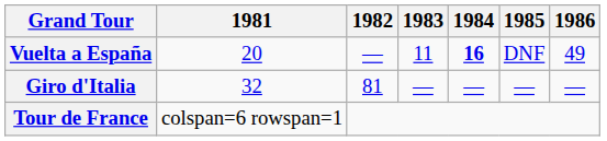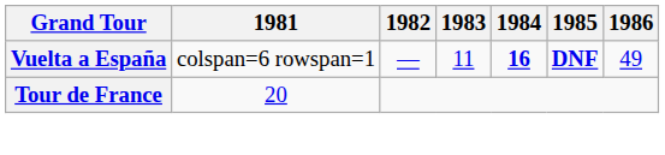 <table class="wikitable plainrowheaders">
 <tr>
 <th scope="col"><a href='#'>Grand Tour</a></th>
 <th scope="col">1981</th>
 <th scope="col">1982</th>
 <th scope="col">1983</th>
 <th scope="col">1984</th>
 <th scope="col">1985</th>
 <th scope="col">1986</th>
 </tr>
 <tr style="text-align:center;">
 <th scope="row"> <a href='#'>Vuelta a España</a></th>
-<td><a href='#'>20</a></td>
+<td>colspan=6 rowspan=1 </td>
 <td><a href='#'>—</a></td>
 <td><a href='#'>11</a></td>
 <td><strong><a href='#'>16</a></strong></td>
-<td><a href='#'>DNF</a></td>
+<td><strong><a href='#'>DNF</a></strong></td>
 <td><a href='#'>49</a></td>
 </tr>
 <tr style="text-align:center;">
-<th scope="row"> <a href='#'>Giro d'Italia</a></th>
-<td><a href='#'>32</a></td>
-<td><a href='#'>81</a></td>
-<td><a href='#'>—</a></td>
-<td><a href='#'>—</a></td>
-<td><a href='#'>—</a></td>
-<td><a href='#'>—</a></td>
-</tr>
-<tr style="text-align:center;">
 <th scope="row"> <a href='#'>Tour de France</a></th>
-<td>colspan=6 rowspan=1 </td>
+<td><a href='#'>20</a></td>
 </tr>
 </table>
